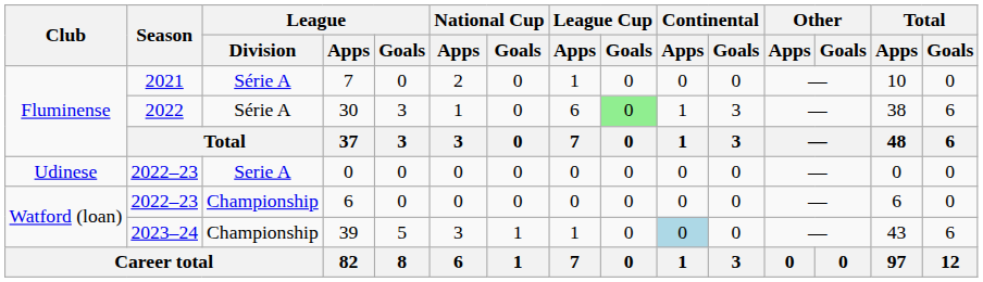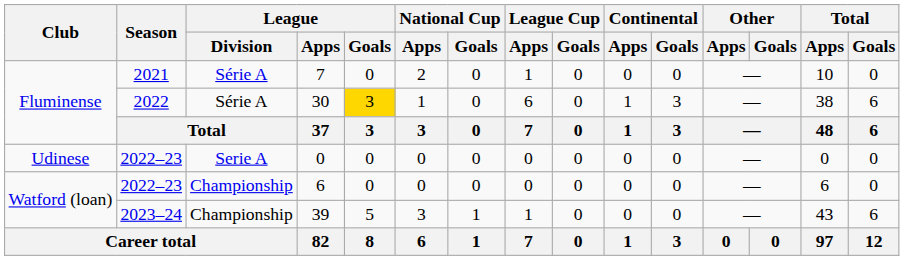 <table class="wikitable" style="text-align:center">
 <tr>
 <th rowspan="2">Club</th>
 <th rowspan="2">Season</th>
 <th colspan="3">League</th>
 <th colspan="2">National Cup</th>
 <th colspan="2">League Cup</th>
 <th colspan="2">Continental</th>
 <th colspan="2">Other</th>
 <th colspan="2">Total</th>
 </tr>
 <tr>
 <th>Division</th>
 <th>Apps</th>
 <th>Goals</th>
 <th>Apps</th>
 <th>Goals</th>
 <th>Apps</th>
 <th>Goals</th>
 <th>Apps</th>
 <th>Goals</th>
 <th>Apps</th>
 <th>Goals</th>
 <th>Apps</th>
 <th>Goals</th>
 </tr>
 <tr>
 <td rowspan="3"><a href='#'>Fluminense</a></td>
 <td><a href='#'>2021</a></td>
 <td><a href='#'>Série A</a></td>
 <td>7</td>
 <td>0</td>
 <td>2</td>
 <td>0</td>
 <td>1</td>
 <td>0</td>
 <td>0</td>
 <td>0</td>
 <td colspan="2">—</td>
 <td>10</td>
 <td>0</td>
 </tr>
 <tr>
 <td><a href='#'>2022</a></td>
 <td>Série A</td>
 <td>30</td>
-<td>3</td>
+<td style="background: gold;">3</td>
 <td>1</td>
 <td>0</td>
 <td>6</td>
-<td style="background: lightgreen;">0</td>
+<td>0</td>
 <td>1</td>
 <td>3</td>
 <td colspan="2">—</td>
 <td>38</td>
 <td>6</td>
 </tr>
 <tr>
 <th colspan="2">Total</th>
 <th>37</th>
 <th>3</th>
 <th>3</th>
 <th>0</th>
 <th>7</th>
 <th>0</th>
 <th>1</th>
 <th>3</th>
 <th colspan="2">—</th>
 <th>48</th>
 <th>6</th>
 </tr>
 <tr>
 <td><a href='#'>Udinese</a></td>
 <td><a href='#'>2022–23</a></td>
 <td><a href='#'>Serie A</a></td>
 <td>0</td>
 <td>0</td>
 <td>0</td>
 <td>0</td>
 <td>0</td>
 <td>0</td>
 <td>0</td>
 <td>0</td>
 <td colspan="2">—</td>
 <td>0</td>
 <td>0</td>
 </tr>
 <tr>
 <td rowspan="2"><a href='#'>Watford</a> (loan)</td>
 <td><a href='#'>2022–23</a></td>
 <td><a href='#'>Championship</a></td>
 <td>6</td>
 <td>0</td>
 <td>0</td>
 <td>0</td>
 <td>0</td>
 <td>0</td>
 <td>0</td>
 <td>0</td>
 <td colspan="2">—</td>
 <td>6</td>
 <td>0</td>
 </tr>
 <tr>
 <td><a href='#'>2023–24</a></td>
 <td>Championship</td>
 <td>39</td>
 <td>5</td>
 <td>3</td>
 <td>1</td>
 <td>1</td>
 <td>0</td>
-<td style="background: lightblue;">0</td>
+<td>0</td>
 <td>0</td>
 <td colspan="2">—</td>
 <td>43</td>
 <td>6</td>
 </tr>
 <tr>
 <th colspan="3">Career total</th>
 <th>82</th>
 <th>8</th>
 <th>6</th>
 <th>1</th>
 <th>7</th>
 <th>0</th>
 <th>1</th>
 <th>3</th>
 <th>0</th>
 <th>0</th>
 <th>97</th>
 <th>12</th>
 </tr>
 </table>
